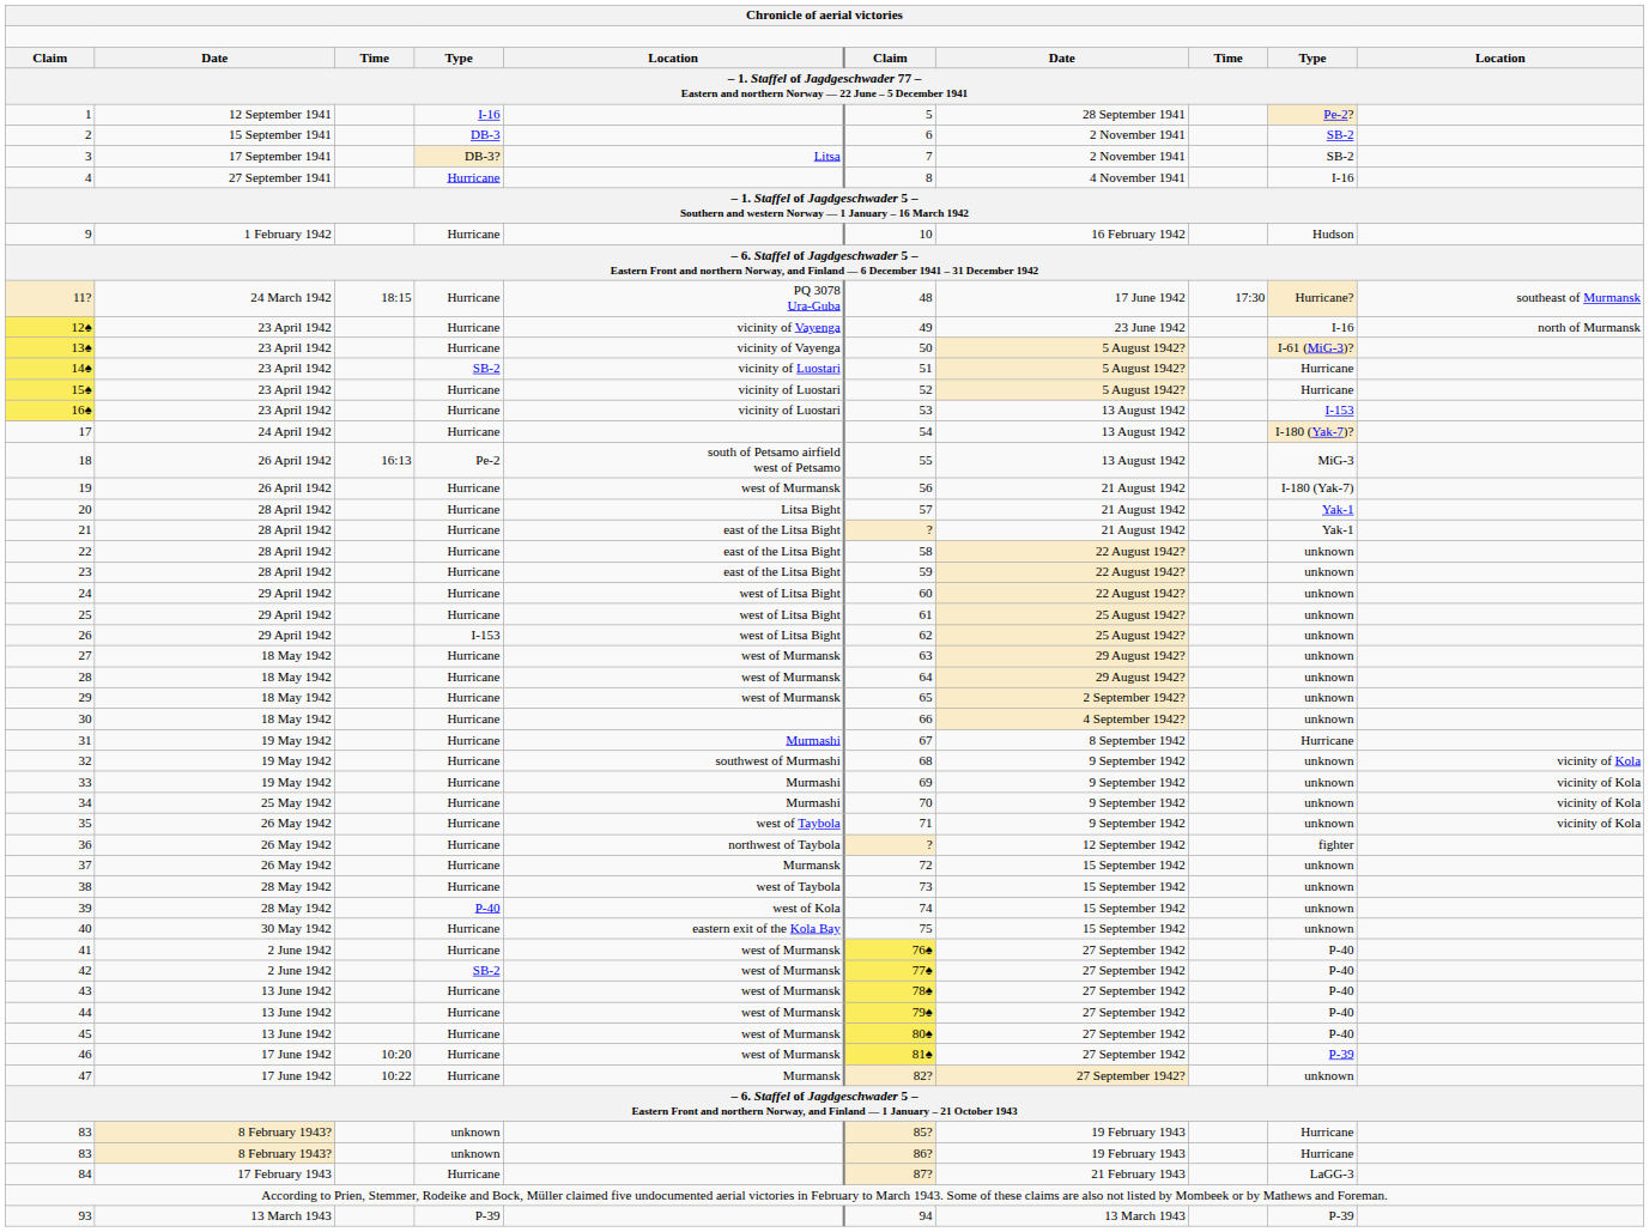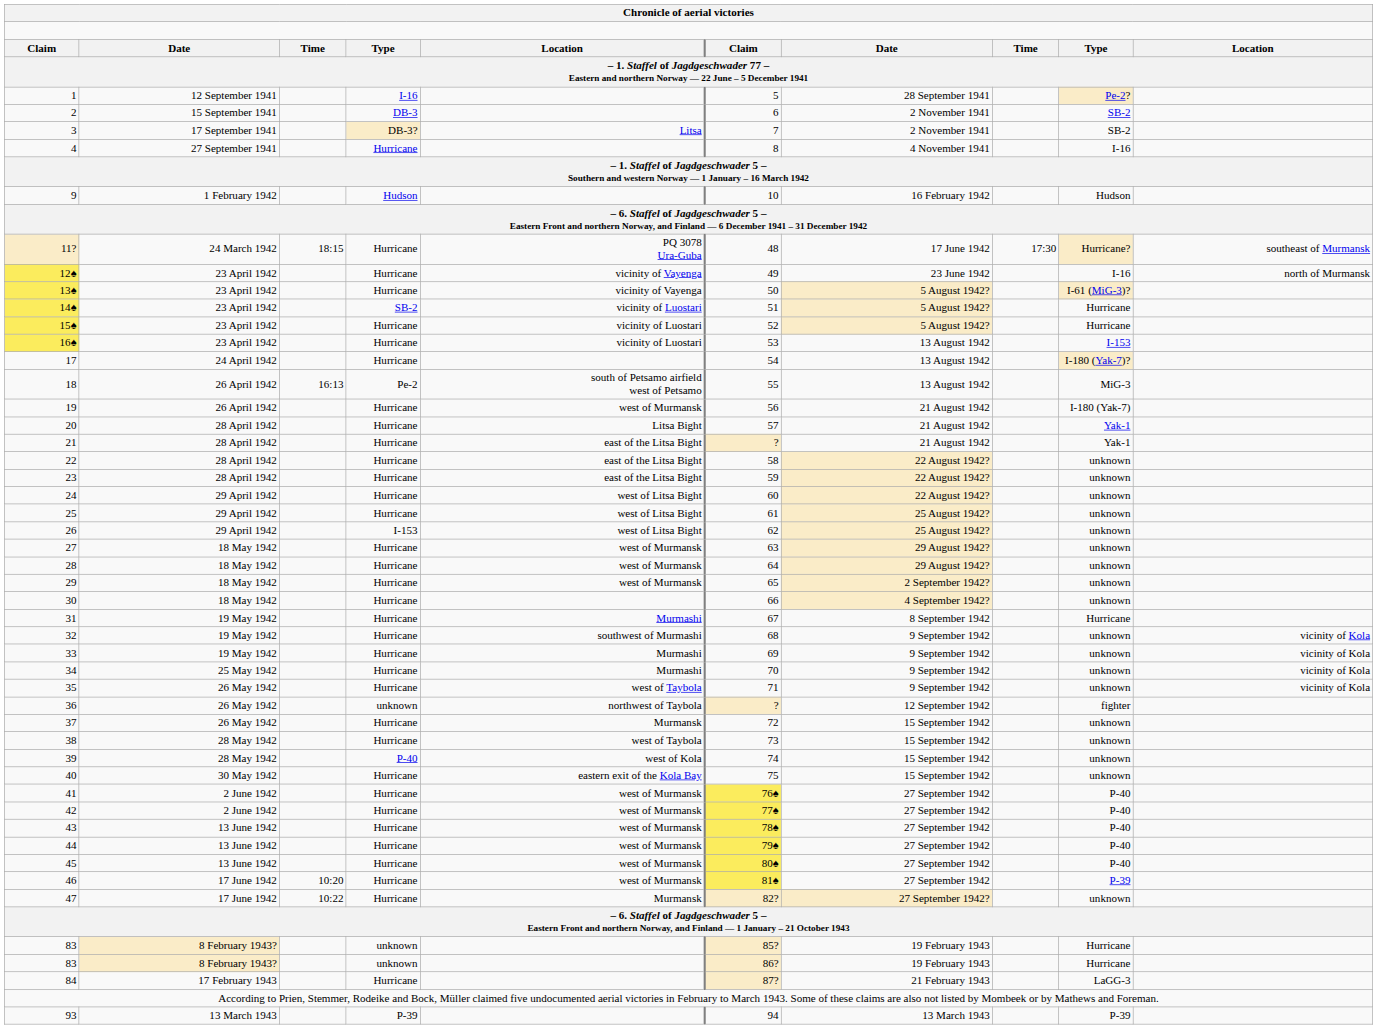 <table class="wikitable plainrowheaders collapsible" style="margin-left: auto; margin-right: auto; border: none; text-align:right; width: 100%;">
 <tr>
 <th colspan="10">Chronicle of aerial victories</th>
 </tr>
 <tr>
 <td colspan="10" style="text-align: left;"><br> </td>
 </tr>
 <tr>
 <th scope="col">Claim</th>
 <th scope="col">Date</th>
 <th scope="col">Time</th>
 <th scope="col" width="100px">Type</th>
 <th scope="col">Location</th>
 <th scope="col" style="border-left: 3px solid grey;">Claim</th>
 <th scope="col">Date</th>
 <th scope="col">Time</th>
 <th scope="col" width="100px">Type</th>
 <th scope="col">Location</th>
 </tr>
 <tr>
 <th colspan="10">– 1. <em>Staffel</em> of <em>Jagdgeschwader</em> 77 –<br><small>Eastern and northern Norway — 22 June – 5 December 1941</small></th>
 </tr>
 <tr>
 <td>1</td>
 <td>12 September 1941</td>
 <td></td>
 <td><a href='#'>I-16</a></td>
 <td></td>
 <td style="border-left: 3px solid grey;">5</td>
 <td>28 September 1941</td>
 <td></td>
 <td style="background:#faecc8"><a href='#'>Pe-2</a>?</td>
 <td></td>
 </tr>
 <tr>
 <td>2</td>
 <td>15 September 1941</td>
 <td></td>
 <td><a href='#'>DB-3</a></td>
 <td></td>
 <td style="border-left: 3px solid grey;">6</td>
 <td>2 November 1941</td>
 <td></td>
 <td><a href='#'>SB-2</a></td>
 <td></td>
 </tr>
 <tr>
 <td>3</td>
 <td>17 September 1941</td>
 <td></td>
 <td style="background:#faecc8">DB-3?</td>
 <td><a href='#'>Litsa</a></td>
 <td style="border-left: 3px solid grey;">7</td>
 <td>2 November 1941</td>
 <td></td>
 <td>SB-2</td>
 <td></td>
 </tr>
 <tr>
 <td>4</td>
 <td>27 September 1941</td>
 <td></td>
 <td><a href='#'>Hurricane</a></td>
 <td></td>
 <td style="border-left: 3px solid grey;">8</td>
 <td>4 November 1941</td>
 <td></td>
 <td>I-16</td>
 <td></td>
 </tr>
 <tr>
 <th colspan="10">– 1. <em>Staffel</em> of <em>Jagdgeschwader</em> 5 –<br><small>Southern and western Norway — 1 January – 16 March 1942</small></th>
 </tr>
 <tr>
 <td>9</td>
 <td>1 February 1942</td>
 <td></td>
-<td>Hurricane</td>
+<td><a href='#'>Hudson</a></td>
 <td></td>
 <td style="border-left: 3px solid grey;">10</td>
 <td>16 February 1942</td>
 <td></td>
 <td>Hudson</td>
 <td></td>
 </tr>
 <tr>
 <th colspan="10">– 6. <em>Staffel</em> of <em>Jagdgeschwader</em> 5 –<br><small>Eastern Front and northern Norway, and Finland — 6 December 1941 – 31 December 1942</small></th>
 </tr>
 <tr>
 <td style="background:#faecc8">11?</td>
 <td>24 March 1942</td>
 <td>18:15</td>
 <td>Hurricane</td>
 <td>PQ 3078<br><a href='#'>Ura-Guba</a></td>
 <td style="border-left: 3px solid grey;">48</td>
 <td>17 June 1942</td>
 <td>17:30</td>
 <td style="background:#faecc8">Hurricane?</td>
 <td> southeast of <a href='#'>Murmansk</a></td>
 </tr>
 <tr>
 <td style="background:#fbec5d;">12♠</td>
 <td>23 April 1942</td>
 <td></td>
 <td>Hurricane</td>
 <td>vicinity of <a href='#'>Vayenga</a></td>
 <td style="border-left: 3px solid grey;">49</td>
 <td>23 June 1942</td>
 <td></td>
 <td>I-16</td>
 <td> north of Murmansk</td>
 </tr>
 <tr>
 <td style="background:#fbec5d;">13♠</td>
 <td>23 April 1942</td>
 <td></td>
 <td>Hurricane</td>
 <td>vicinity of Vayenga</td>
 <td style="border-left: 3px solid grey;">50</td>
 <td style="background:#faecc8">5 August 1942?</td>
 <td></td>
 <td style="background:#faecc8">I-61 (<a href='#'>MiG-3</a>)?</td>
 <td></td>
 </tr>
 <tr>
 <td style="background:#fbec5d;">14♠</td>
 <td>23 April 1942</td>
 <td></td>
 <td><a href='#'>SB-2</a></td>
 <td>vicinity of <a href='#'>Luostari</a></td>
 <td style="border-left: 3px solid grey;">51</td>
 <td style="background:#faecc8">5 August 1942?</td>
 <td></td>
 <td>Hurricane</td>
 <td></td>
 </tr>
 <tr>
 <td style="background:#fbec5d;">15♠</td>
 <td>23 April 1942</td>
 <td></td>
 <td>Hurricane</td>
 <td>vicinity of Luostari</td>
 <td style="border-left: 3px solid grey;">52</td>
 <td style="background:#faecc8">5 August 1942?</td>
 <td></td>
 <td>Hurricane</td>
 <td></td>
 </tr>
 <tr>
 <td style="background:#fbec5d;">16♠</td>
 <td>23 April 1942</td>
 <td></td>
 <td>Hurricane</td>
 <td>vicinity of Luostari</td>
 <td style="border-left: 3px solid grey;">53</td>
 <td>13 August 1942</td>
 <td></td>
 <td><a href='#'>I-153</a></td>
 <td></td>
 </tr>
 <tr>
 <td>17</td>
 <td>24 April 1942</td>
 <td></td>
 <td>Hurricane</td>
 <td></td>
 <td style="border-left: 3px solid grey;">54</td>
 <td>13 August 1942</td>
 <td></td>
 <td style="background:#faecc8">I-180 (<a href='#'>Yak-7</a>)?</td>
 <td></td>
 </tr>
 <tr>
 <td>18</td>
 <td>26 April 1942</td>
 <td>16:13</td>
 <td>Pe-2</td>
 <td> south of Petsamo airfield<br> west of Petsamo</td>
 <td style="border-left: 3px solid grey;">55</td>
 <td>13 August 1942</td>
 <td></td>
 <td>MiG-3</td>
 <td></td>
 </tr>
 <tr>
 <td>19</td>
 <td>26 April 1942</td>
 <td></td>
 <td>Hurricane</td>
 <td> west of Murmansk</td>
 <td style="border-left: 3px solid grey;">56</td>
 <td>21 August 1942</td>
 <td></td>
 <td>I-180 (Yak-7)</td>
 <td></td>
 </tr>
 <tr>
 <td>20</td>
 <td>28 April 1942</td>
 <td></td>
 <td>Hurricane</td>
 <td>Litsa Bight</td>
 <td style="border-left: 3px solid grey;">57</td>
 <td>21 August 1942</td>
 <td></td>
 <td><a href='#'>Yak-1</a></td>
 <td></td>
 </tr>
 <tr>
 <td>21</td>
 <td>28 April 1942</td>
 <td></td>
 <td>Hurricane</td>
 <td>east of the Litsa Bight</td>
 <td style="border-left: 3px solid grey; background:#faecc8">?</td>
 <td>21 August 1942</td>
 <td></td>
 <td>Yak-1</td>
 <td></td>
 </tr>
 <tr>
 <td>22</td>
 <td>28 April 1942</td>
 <td></td>
 <td>Hurricane</td>
 <td>east of the Litsa Bight</td>
 <td style="border-left: 3px solid grey;">58</td>
 <td style="background:#faecc8">22 August 1942?</td>
 <td></td>
 <td>unknown</td>
 <td></td>
 </tr>
 <tr>
 <td>23</td>
 <td>28 April 1942</td>
 <td></td>
 <td>Hurricane</td>
 <td>east of the Litsa Bight</td>
 <td style="border-left: 3px solid grey;">59</td>
 <td style="background:#faecc8">22 August 1942?</td>
 <td></td>
 <td>unknown</td>
 <td></td>
 </tr>
 <tr>
 <td>24</td>
 <td>29 April 1942</td>
 <td></td>
 <td>Hurricane</td>
 <td> west of Litsa Bight</td>
 <td style="border-left: 3px solid grey;">60</td>
 <td style="background:#faecc8">22 August 1942?</td>
 <td></td>
 <td>unknown</td>
 <td></td>
 </tr>
 <tr>
 <td>25</td>
 <td>29 April 1942</td>
 <td></td>
 <td>Hurricane</td>
 <td> west of Litsa Bight</td>
 <td style="border-left: 3px solid grey;">61</td>
 <td style="background:#faecc8">25 August 1942?</td>
 <td></td>
 <td>unknown</td>
 <td></td>
 </tr>
 <tr>
 <td>26</td>
 <td>29 April 1942</td>
 <td></td>
 <td>I-153</td>
 <td> west of Litsa Bight</td>
 <td style="border-left: 3px solid grey;">62</td>
 <td style="background:#faecc8">25 August 1942?</td>
 <td></td>
 <td>unknown</td>
 <td></td>
 </tr>
 <tr>
 <td>27</td>
 <td>18 May 1942</td>
 <td></td>
 <td>Hurricane</td>
 <td> west of Murmansk</td>
 <td style="border-left: 3px solid grey;">63</td>
 <td style="background:#faecc8">29 August 1942?</td>
 <td></td>
 <td>unknown</td>
 <td></td>
 </tr>
 <tr>
 <td>28</td>
 <td>18 May 1942</td>
 <td></td>
 <td>Hurricane</td>
 <td> west of Murmansk</td>
 <td style="border-left: 3px solid grey;">64</td>
 <td style="background:#faecc8">29 August 1942?</td>
 <td></td>
 <td>unknown</td>
 <td></td>
 </tr>
 <tr>
 <td>29</td>
 <td>18 May 1942</td>
 <td></td>
 <td>Hurricane</td>
 <td> west of Murmansk</td>
 <td style="border-left: 3px solid grey;">65</td>
 <td style="background:#faecc8">2 September 1942?</td>
 <td></td>
 <td>unknown</td>
 <td></td>
 </tr>
 <tr>
 <td>30</td>
 <td>18 May 1942</td>
 <td></td>
 <td>Hurricane</td>
 <td></td>
 <td style="border-left: 3px solid grey;">66</td>
 <td style="background:#faecc8">4 September 1942?</td>
 <td></td>
 <td>unknown</td>
 <td></td>
 </tr>
 <tr>
 <td>31</td>
 <td>19 May 1942</td>
 <td></td>
 <td>Hurricane</td>
 <td><a href='#'>Murmashi</a></td>
 <td style="border-left: 3px solid grey;">67</td>
 <td>8 September 1942</td>
 <td></td>
 <td>Hurricane</td>
 <td></td>
 </tr>
 <tr>
 <td>32</td>
 <td>19 May 1942</td>
 <td></td>
 <td>Hurricane</td>
 <td> southwest of Murmashi</td>
 <td style="border-left: 3px solid grey;">68</td>
 <td>9 September 1942</td>
 <td></td>
 <td>unknown</td>
 <td>vicinity of <a href='#'>Kola</a></td>
 </tr>
 <tr>
 <td>33</td>
 <td>19 May 1942</td>
 <td></td>
 <td>Hurricane</td>
 <td>Murmashi</td>
 <td style="border-left: 3px solid grey;">69</td>
 <td>9 September 1942</td>
 <td></td>
 <td>unknown</td>
 <td>vicinity of Kola</td>
 </tr>
 <tr>
 <td>34</td>
 <td>25 May 1942</td>
 <td></td>
 <td>Hurricane</td>
 <td>Murmashi</td>
 <td style="border-left: 3px solid grey;">70</td>
 <td>9 September 1942</td>
 <td></td>
 <td>unknown</td>
 <td>vicinity of Kola</td>
 </tr>
 <tr>
 <td>35</td>
 <td>26 May 1942</td>
 <td></td>
 <td>Hurricane</td>
 <td> west of <a href='#'>Taybola</a></td>
 <td style="border-left: 3px solid grey;">71</td>
 <td>9 September 1942</td>
 <td></td>
 <td>unknown</td>
 <td>vicinity of Kola</td>
 </tr>
 <tr>
 <td>36</td>
 <td>26 May 1942</td>
 <td></td>
-<td>Hurricane</td>
+<td>unknown</td>
 <td> northwest of Taybola</td>
 <td style="border-left: 3px solid grey; background:#faecc8">?</td>
 <td>12 September 1942</td>
 <td></td>
 <td>fighter</td>
 <td></td>
 </tr>
 <tr>
 <td>37</td>
 <td>26 May 1942</td>
 <td></td>
 <td>Hurricane</td>
 <td>Murmansk</td>
 <td style="border-left: 3px solid grey;">72</td>
 <td>15 September 1942</td>
 <td></td>
 <td>unknown</td>
 <td></td>
 </tr>
 <tr>
 <td>38</td>
 <td>28 May 1942</td>
 <td></td>
 <td>Hurricane</td>
 <td> west of Taybola</td>
 <td style="border-left: 3px solid grey;">73</td>
 <td>15 September 1942</td>
 <td></td>
 <td>unknown</td>
 <td></td>
 </tr>
 <tr>
 <td>39</td>
 <td>28 May 1942</td>
 <td></td>
 <td><a href='#'>P-40</a></td>
 <td> west of Kola</td>
 <td style="border-left: 3px solid grey;">74</td>
 <td>15 September 1942</td>
 <td></td>
 <td>unknown</td>
 <td></td>
 </tr>
 <tr>
 <td>40</td>
 <td>30 May 1942</td>
 <td></td>
 <td>Hurricane</td>
 <td>eastern exit of the <a href='#'>Kola Bay</a></td>
 <td style="border-left: 3px solid grey;">75</td>
 <td>15 September 1942</td>
 <td></td>
 <td>unknown</td>
 <td></td>
 </tr>
 <tr>
 <td>41</td>
 <td>2 June 1942</td>
 <td></td>
 <td>Hurricane</td>
 <td> west of Murmansk</td>
 <td style="border-left: 3px solid grey; background:#fbec5d;">76♠</td>
 <td>27 September 1942</td>
 <td></td>
 <td>P-40</td>
 <td></td>
 </tr>
 <tr>
 <td>42</td>
 <td>2 June 1942</td>
 <td></td>
-<td><a href='#'>SB-2</a></td>
+<td>Hurricane</td>
 <td> west of Murmansk</td>
 <td style="border-left: 3px solid grey; background:#fbec5d;">77♠</td>
 <td>27 September 1942</td>
 <td></td>
 <td>P-40</td>
 <td></td>
 </tr>
 <tr>
 <td>43</td>
 <td>13 June 1942</td>
 <td></td>
 <td>Hurricane</td>
 <td> west of Murmansk</td>
 <td style="border-left: 3px solid grey; background:#fbec5d;">78♠</td>
 <td>27 September 1942</td>
 <td></td>
 <td>P-40</td>
 <td></td>
 </tr>
 <tr>
 <td>44</td>
 <td>13 June 1942</td>
 <td></td>
 <td>Hurricane</td>
 <td> west of Murmansk</td>
 <td style="border-left: 3px solid grey; background:#fbec5d;">79♠</td>
 <td>27 September 1942</td>
 <td></td>
 <td>P-40</td>
 <td></td>
 </tr>
 <tr>
 <td>45</td>
 <td>13 June 1942</td>
 <td></td>
 <td>Hurricane</td>
 <td> west of Murmansk</td>
 <td style="border-left: 3px solid grey; background:#fbec5d;">80♠</td>
 <td>27 September 1942</td>
 <td></td>
 <td>P-40</td>
 <td></td>
 </tr>
 <tr>
 <td>46</td>
 <td>17 June 1942</td>
 <td>10:20</td>
 <td>Hurricane</td>
 <td> west of Murmansk</td>
 <td style="border-left: 3px solid grey; background:#fbec5d;">81♠</td>
 <td>27 September 1942</td>
 <td></td>
 <td><a href='#'>P-39</a></td>
 <td></td>
 </tr>
 <tr>
 <td>47</td>
 <td>17 June 1942</td>
 <td>10:22</td>
 <td>Hurricane</td>
 <td>Murmansk</td>
 <td style="border-left: 3px solid grey; background:#faecc8">82?</td>
 <td style="background:#faecc8">27 September 1942?</td>
 <td></td>
 <td>unknown</td>
 <td></td>
 </tr>
 <tr>
 <th colspan="10">– 6. <em>Staffel</em> of <em>Jagdgeschwader</em> 5 –<br><small>Eastern Front and northern Norway, and Finland — 1 January – 21 October 1943</small></th>
 </tr>
 <tr>
 <td>83</td>
 <td style="background:#faecc8">8 February 1943?</td>
 <td></td>
 <td>unknown</td>
 <td></td>
 <td style="border-left: 3px solid grey; background:#faecc8">85?</td>
 <td>19 February 1943</td>
 <td></td>
 <td>Hurricane</td>
 <td></td>
 </tr>
 <tr>
 <td>83</td>
 <td style="background:#faecc8">8 February 1943?</td>
 <td></td>
 <td>unknown</td>
 <td></td>
 <td style="border-left: 3px solid grey; background:#faecc8">86?</td>
 <td>19 February 1943</td>
 <td></td>
 <td>Hurricane</td>
 <td></td>
 </tr>
 <tr>
 <td>84</td>
 <td>17 February 1943</td>
 <td></td>
 <td>Hurricane</td>
 <td></td>
 <td style="border-left: 3px solid grey; background:#faecc8">87?</td>
 <td>21 February 1943</td>
 <td></td>
 <td>LaGG-3</td>
 <td></td>
 </tr>
 <tr>
 <td colspan="10" style="text-align: center">According to Prien, Stemmer, Rodeike and Bock, Müller claimed five undocumented aerial victories in February to March 1943. Some of these claims are also not listed by Mombeek or by Mathews and Foreman.</td>
 </tr>
 <tr>
 <td>93</td>
 <td>13 March 1943</td>
 <td></td>
 <td>P-39</td>
 <td></td>
 <td style="border-left: 3px solid grey;">94</td>
 <td>13 March 1943</td>
 <td></td>
 <td>P-39</td>
 <td></td>
 </tr>
 </table>
